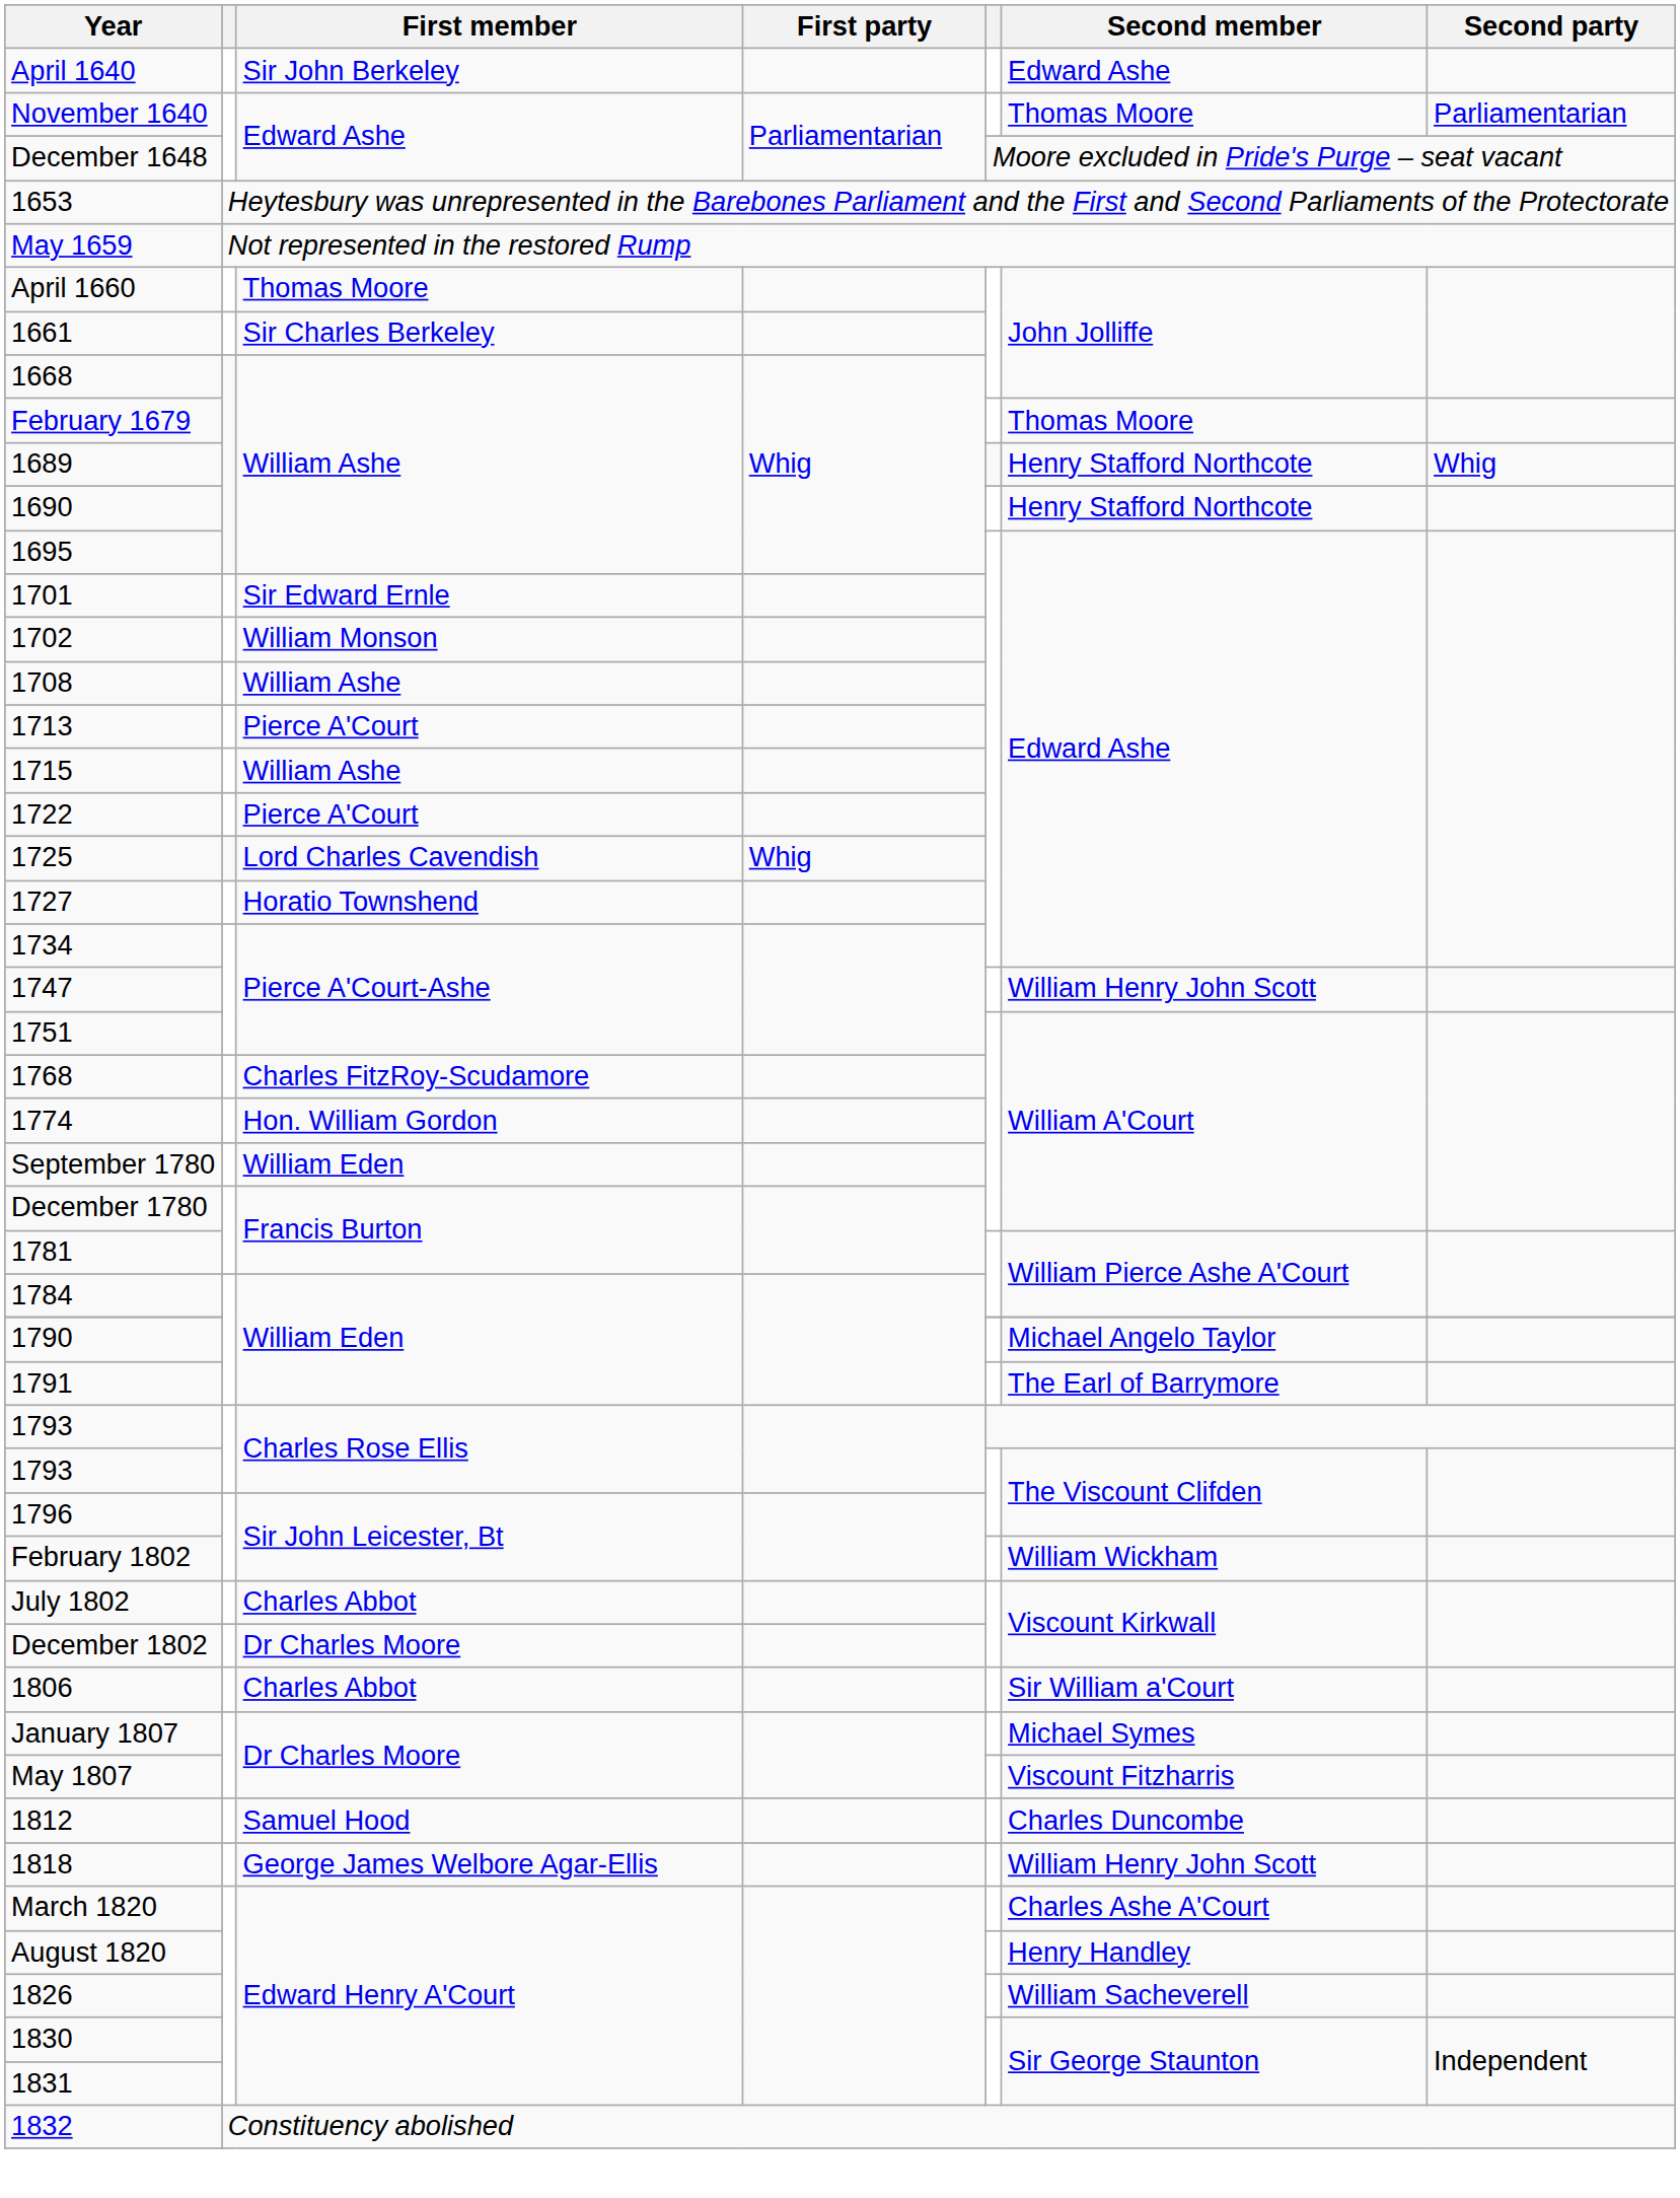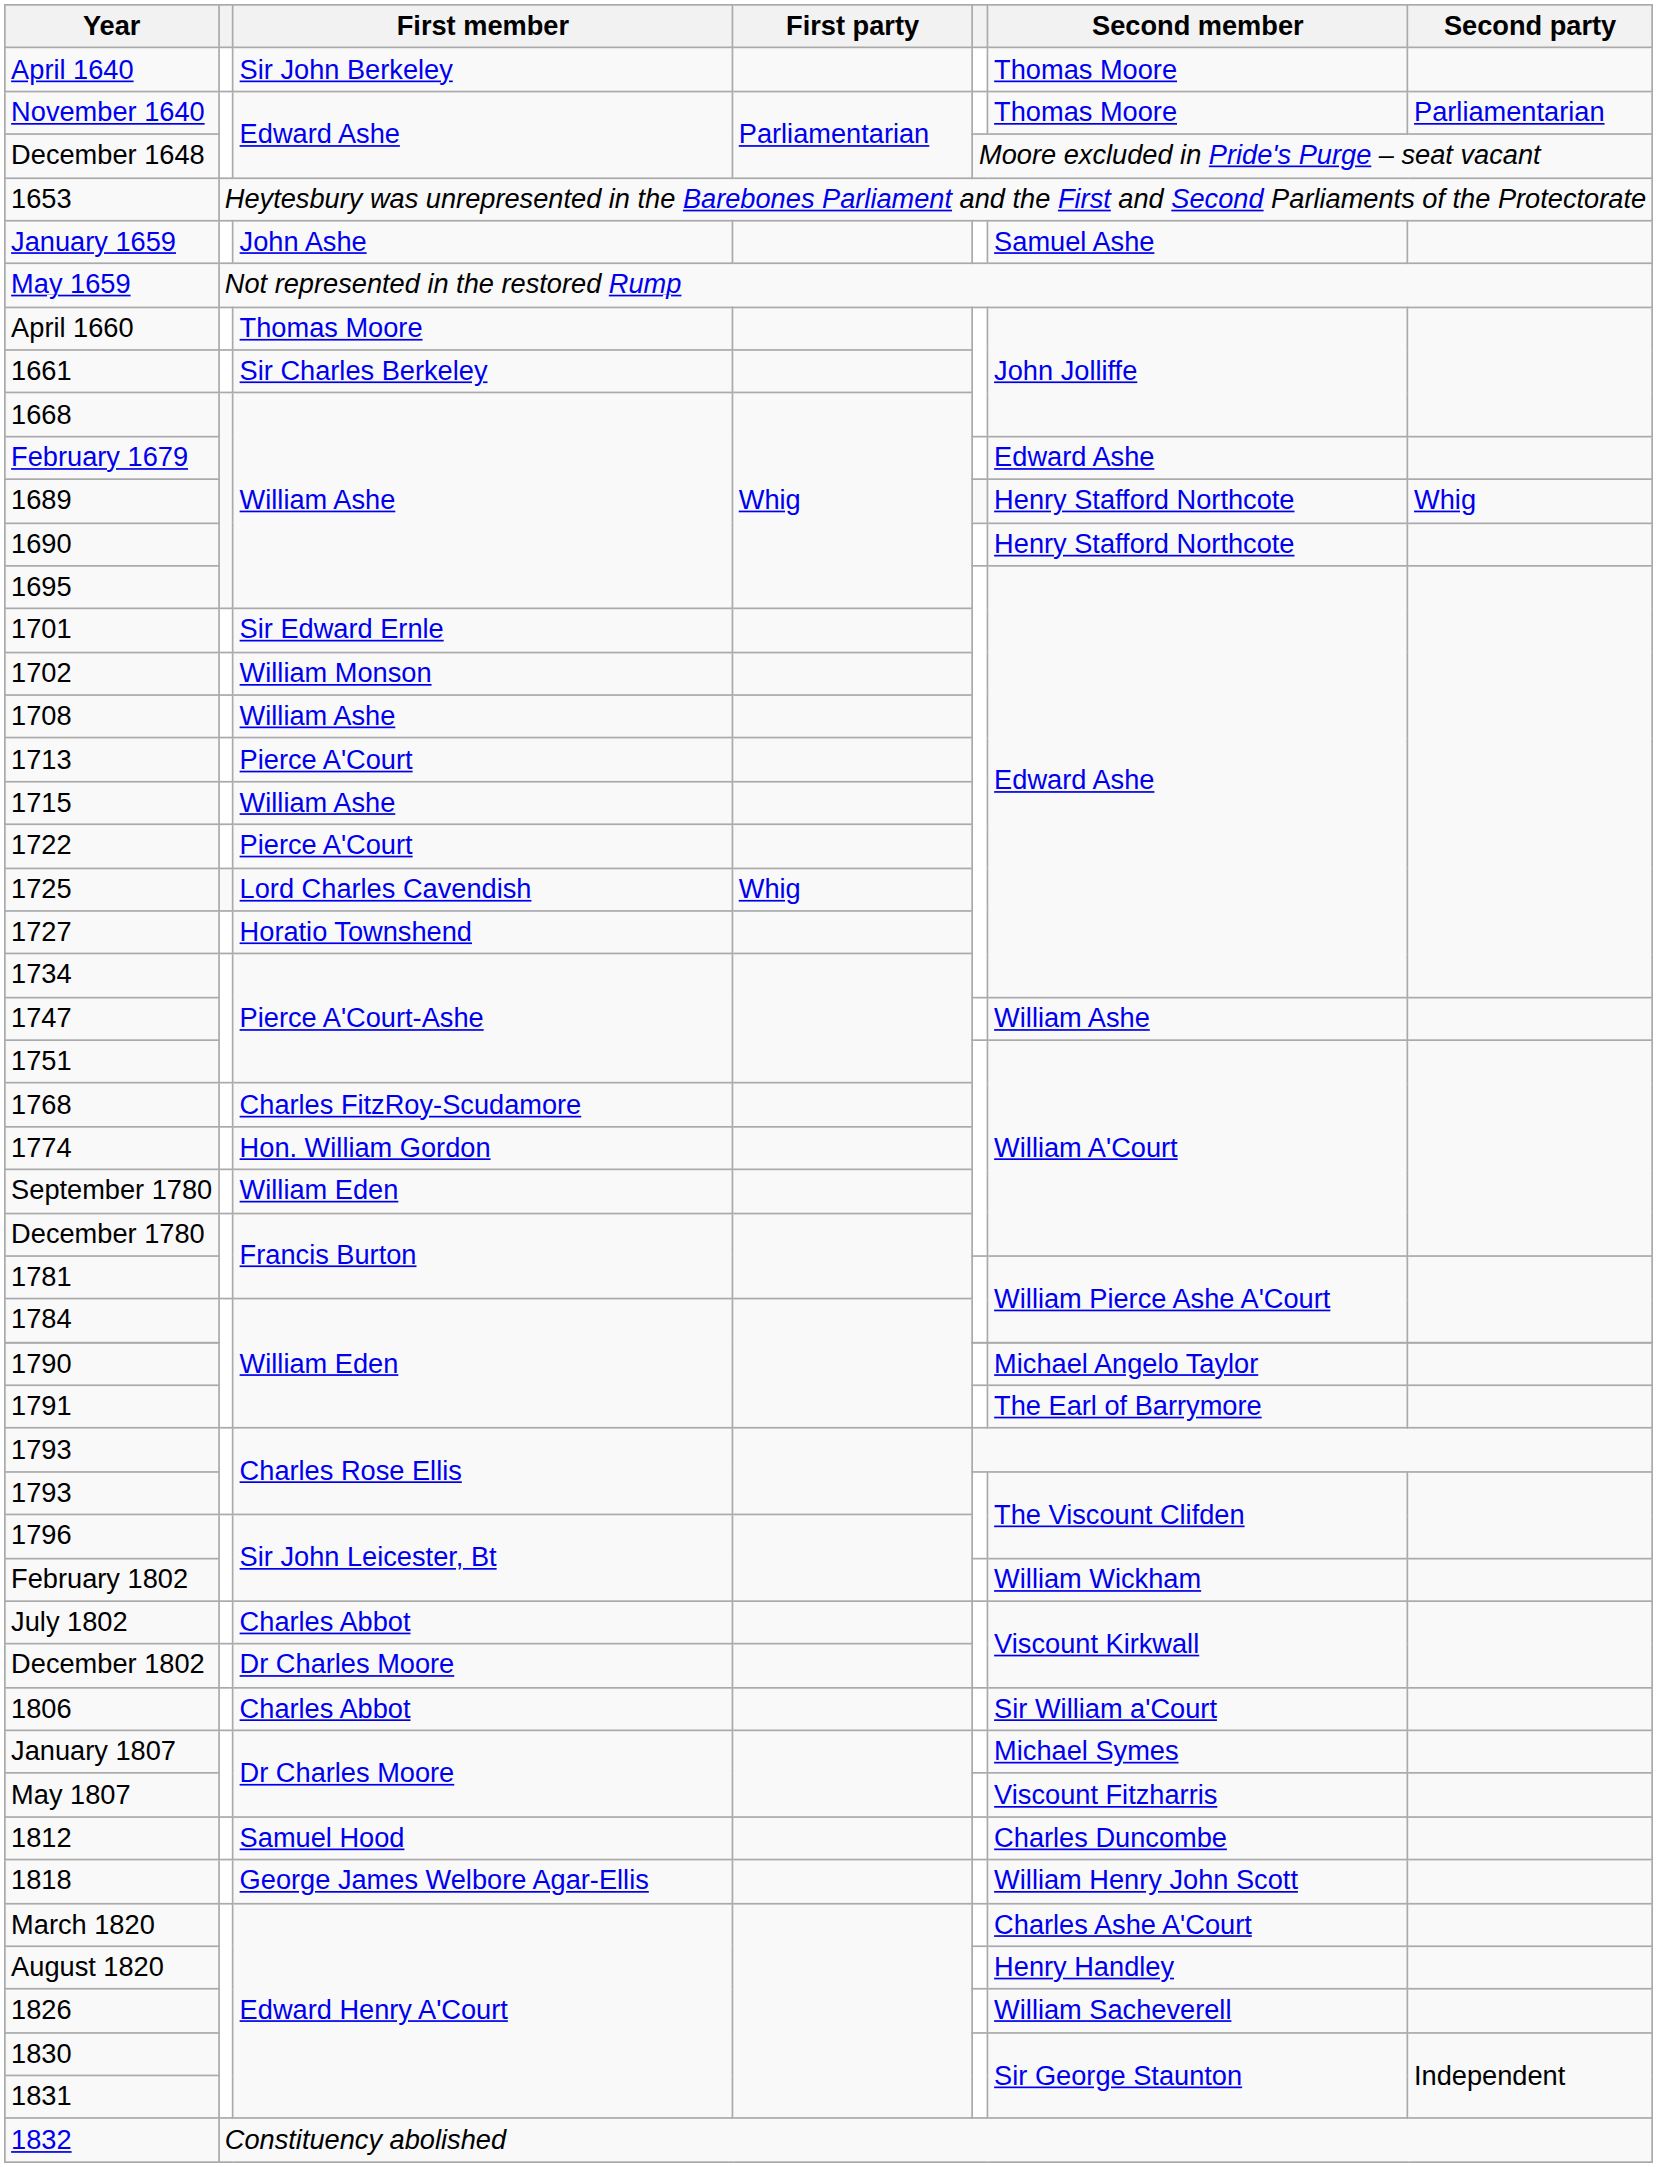 <table class="wikitable">
 <tr>
 <th>Year</th>
 <th></th>
 <th>First member</th>
 <th>First party</th>
 <th></th>
 <th>Second member</th>
 <th>Second party</th>
 </tr>
 <tr>
 <td><a href='#'>April 1640</a></td>
 <td style="color:inherit;background-color: white"></td>
 <td><a href='#'>Sir John Berkeley</a></td>
 <td></td>
 <td style="color:inherit;background-color: white"></td>
-<td><a href='#'>Edward Ashe</a></td>
+<td><a href='#'>Thomas Moore</a></td>
 <td></td>
 </tr>
 <tr>
 <td><a href='#'>November 1640</a></td>
 <td rowspan="2" style="color:inherit;background-color: white"></td>
 <td rowspan="2"><a href='#'>Edward Ashe</a></td>
 <td rowspan="2"><a href='#'>Parliamentarian</a></td>
 <td style="color:inherit;background-color: white"></td>
 <td><a href='#'>Thomas Moore</a></td>
 <td><a href='#'>Parliamentarian</a></td>
 </tr>
 <tr>
 <td>December 1648</td>
 <td colspan="3"><em>Moore excluded in <a href='#'>Pride's Purge</a> – seat vacant</em></td>
 </tr>
 <tr>
 <td>1653</td>
 <td colspan="6"><em>Heytesbury was unrepresented in the <a href='#'>Barebones Parliament</a> and the <a href='#'>First</a> and <a href='#'>Second</a> Parliaments of the Protectorate</em></td>
+</tr>
+<tr>
+<td><a href='#'>January 1659</a></td>
+<td style="color:inherit;background-color: white"></td>
+<td><a href='#'>John Ashe</a></td>
+<td></td>
+<td style="color:inherit;background-color: white"></td>
+<td><a href='#'>Samuel Ashe</a></td>
+<td></td>
 </tr>
 <tr>
 <td><a href='#'>May 1659</a></td>
 <td colspan="6"><em>Not represented in the restored <a href='#'>Rump</a></em></td>
 </tr>
 <tr>
 <td>April 1660</td>
 <td style="color:inherit;background-color: white"></td>
 <td><a href='#'>Thomas Moore</a></td>
 <td></td>
 <td rowspan="3" style="color:inherit;background-color: white"></td>
 <td rowspan="3"><a href='#'>John Jolliffe</a></td>
 <td rowspan="3"></td>
 </tr>
 <tr>
 <td>1661</td>
 <td style="color:inherit;background-color: white"></td>
 <td><a href='#'>Sir Charles Berkeley</a></td>
 <td></td>
 </tr>
 <tr>
 <td>1668</td>
 <td rowspan="5" style="color:inherit;background-color: "></td>
 <td rowspan="5"><a href='#'>William Ashe</a></td>
 <td rowspan="5"><a href='#'>Whig</a></td>
 </tr>
 <tr>
 <td><a href='#'>February 1679</a></td>
 <td style="color:inherit;background-color: white"></td>
-<td><a href='#'>Thomas Moore</a></td>
+<td><a href='#'>Edward Ashe</a></td>
 <td></td>
 </tr>
 <tr>
 <td>1689</td>
 <td style="color:inherit;background-color: "></td>
 <td><a href='#'>Henry Stafford Northcote</a></td>
 <td><a href='#'>Whig</a></td>
 </tr>
 <tr>
 <td>1690</td>
 <td style="color:inherit;background-color: white"></td>
 <td><a href='#'>Henry Stafford Northcote</a></td>
 <td></td>
 </tr>
 <tr>
 <td>1695</td>
 <td rowspan="10" style="color:inherit;background-color: white"></td>
 <td rowspan="10"><a href='#'>Edward Ashe</a></td>
 <td rowspan="10"></td>
 </tr>
 <tr>
 <td>1701</td>
 <td style="color:inherit;background-color: white"></td>
 <td><a href='#'>Sir Edward Ernle</a></td>
 <td></td>
 </tr>
 <tr>
 <td>1702</td>
 <td style="color:inherit;background-color: white"></td>
 <td><a href='#'>William Monson</a></td>
 <td></td>
 </tr>
 <tr>
 <td>1708</td>
 <td style="color:inherit;background-color: white"></td>
 <td><a href='#'>William Ashe</a></td>
 <td></td>
 </tr>
 <tr>
 <td>1713</td>
 <td style="color:inherit;background-color: white"></td>
 <td><a href='#'>Pierce A'Court</a></td>
 <td></td>
 </tr>
 <tr>
 <td>1715</td>
 <td style="color:inherit;background-color: white"></td>
 <td><a href='#'>William Ashe</a></td>
 <td></td>
 </tr>
 <tr>
 <td>1722</td>
 <td style="color:inherit;background-color: white"></td>
 <td><a href='#'>Pierce A'Court</a></td>
 <td></td>
 </tr>
 <tr>
 <td>1725</td>
 <td style="color:inherit;background-color: "></td>
 <td><a href='#'>Lord Charles Cavendish</a></td>
 <td><a href='#'>Whig</a></td>
 </tr>
 <tr>
 <td>1727</td>
 <td style="color:inherit;background-color: white"></td>
 <td><a href='#'>Horatio Townshend</a></td>
 <td></td>
 </tr>
 <tr>
 <td>1734</td>
 <td rowspan="3" style="color:inherit;background-color: white"></td>
 <td rowspan="3"><a href='#'>Pierce A'Court-Ashe</a></td>
 <td rowspan="3"></td>
 </tr>
 <tr>
 <td>1747</td>
 <td style="color:inherit;background-color: white"></td>
-<td><a href='#'>William Henry John Scott</a></td>
+<td><a href='#'>William Ashe</a></td>
 <td></td>
 </tr>
 <tr>
 <td>1751</td>
 <td rowspan="5" style="color:inherit;background-color: white"></td>
 <td rowspan="5"><a href='#'>William A'Court</a></td>
 <td rowspan="5"></td>
 </tr>
 <tr>
 <td>1768</td>
 <td style="color:inherit;background-color: white"></td>
 <td><a href='#'>Charles FitzRoy-Scudamore</a></td>
 <td></td>
 </tr>
 <tr>
 <td>1774</td>
 <td style="color:inherit;background-color: white"></td>
 <td><a href='#'>Hon. William Gordon</a></td>
 <td></td>
 </tr>
 <tr>
 <td>September 1780</td>
 <td style="color:inherit;background-color: white"></td>
 <td><a href='#'>William Eden</a></td>
 <td></td>
 </tr>
 <tr>
 <td>December 1780</td>
 <td rowspan="2" style="color:inherit;background-color: white"></td>
 <td rowspan="2"><a href='#'>Francis Burton</a></td>
 <td rowspan="2"></td>
 </tr>
 <tr>
 <td>1781</td>
 <td rowspan="2"  style="color:inherit;background-color: white"></td>
 <td rowspan="2"><a href='#'>William Pierce Ashe A'Court</a></td>
 <td rowspan="2"></td>
 </tr>
 <tr>
 <td>1784</td>
 <td rowspan="4" style="color:inherit;background-color: white"></td>
 <td rowspan="4"><a href='#'>William Eden</a></td>
 <td rowspan="4"></td>
 </tr>
 <tr>
 </tr>
 <tr>
 <td>1790</td>
 <td style="color:inherit;background-color: white"></td>
 <td><a href='#'>Michael Angelo Taylor</a></td>
 <td></td>
 </tr>
 <tr>
 <td>1791</td>
 <td style="color:inherit;background-color: white"></td>
 <td><a href='#'>The Earl of Barrymore</a></td>
 <td></td>
 </tr>
 <tr>
 <td>1793</td>
 <td rowspan="2"  style="color:inherit;background-color: white"></td>
 <td rowspan="2"><a href='#'>Charles Rose Ellis</a></td>
 <td rowspan="2"></td>
 </tr>
 <tr>
 <td>1793</td>
 <td rowspan="2" style="color:inherit;background-color: white"></td>
 <td rowspan="2"><a href='#'>The Viscount Clifden</a></td>
 <td rowspan="2"></td>
 </tr>
 <tr>
 <td>1796</td>
 <td rowspan="2"  style="color:inherit;background-color: white"></td>
 <td rowspan="2"><a href='#'>Sir John Leicester, Bt</a></td>
 <td rowspan="2"></td>
 </tr>
 <tr>
 <td>February 1802</td>
 <td style="color:inherit;background-color: white"></td>
 <td><a href='#'>William Wickham</a></td>
 <td></td>
 </tr>
 <tr>
 <td>July 1802</td>
 <td style="color:inherit;background-color: white"></td>
 <td><a href='#'>Charles Abbot</a></td>
 <td></td>
 <td rowspan="2" style="color:inherit;background-color: white"></td>
 <td rowspan="2"><a href='#'>Viscount Kirkwall</a></td>
 <td rowspan="2"></td>
 </tr>
 <tr>
 <td>December 1802</td>
 <td style="color:inherit;background-color: white"></td>
 <td><a href='#'>Dr Charles Moore</a></td>
 <td></td>
 </tr>
 <tr>
 <td>1806</td>
 <td style="color:inherit;background-color: white"></td>
 <td><a href='#'>Charles Abbot</a></td>
 <td></td>
 <td style="color:inherit;background-color: white"></td>
 <td><a href='#'>Sir William a'Court</a></td>
 <td></td>
 </tr>
 <tr>
 <td>January 1807</td>
 <td rowspan="2" style="color:inherit;background-color: white"></td>
 <td rowspan="2"><a href='#'>Dr Charles Moore</a></td>
 <td rowspan="2"></td>
 <td style="color:inherit;background-color: white"></td>
 <td><a href='#'>Michael Symes</a></td>
 <td></td>
 </tr>
 <tr>
 <td>May 1807</td>
 <td style="color:inherit;background-color: white"></td>
 <td><a href='#'>Viscount Fitzharris</a></td>
 <td></td>
 </tr>
 <tr>
 <td>1812</td>
 <td style="color:inherit;background-color: white"></td>
 <td><a href='#'>Samuel Hood</a></td>
 <td></td>
 <td style="color:inherit;background-color: white"></td>
 <td><a href='#'>Charles Duncombe</a></td>
 <td></td>
 </tr>
 <tr>
 <td>1818</td>
 <td style="color:inherit;background-color: white"></td>
 <td><a href='#'>George James Welbore Agar-Ellis</a></td>
 <td></td>
 <td style="color:inherit;background-color: white"></td>
 <td><a href='#'>William Henry John Scott</a></td>
 <td></td>
 </tr>
 <tr>
 <td>March 1820</td>
 <td rowspan="5" style="color:inherit;background-color: white"></td>
 <td rowspan="5"><a href='#'>Edward Henry A'Court</a></td>
 <td rowspan="5"></td>
 <td style="color:inherit;background-color: white"></td>
 <td><a href='#'>Charles Ashe A'Court</a></td>
 <td></td>
 </tr>
 <tr>
 <td>August 1820</td>
 <td style="color:inherit;background-color: white"></td>
 <td><a href='#'>Henry Handley</a></td>
 <td></td>
 </tr>
 <tr>
 <td>1826</td>
 <td style="color:inherit;background-color: white"></td>
 <td><a href='#'>William Sacheverell</a></td>
 <td></td>
 </tr>
 <tr>
 <td>1830</td>
 <td rowspan="2" style="color:inherit;background-color: white"></td>
 <td rowspan="2"><a href='#'>Sir George Staunton</a></td>
 <td rowspan="2">Independent</td>
 </tr>
 <tr>
 <td>1831</td>
 </tr>
 <tr>
 <td><a href='#'>1832</a></td>
 <td colspan="6"><em>Constituency abolished</em></td>
 </tr>
 </table>
